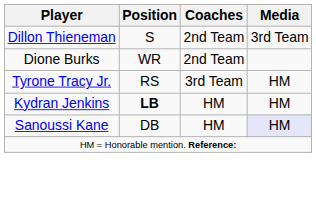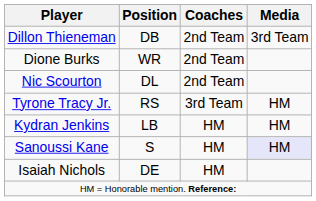 <table class="wikitable sortable" style="text-align: center">
 <tr>
 <th>Player</th>
 <th>Position</th>
 <th>Coaches</th>
 <th>Media</th>
 </tr>
 <tr>
 <td><a href='#'>Dillon Thieneman</a></td>
-<td>S</td>
+<td>DB</td>
 <td>2nd Team</td>
 <td>3rd Team</td>
 </tr>
 <tr>
 <td>Dione Burks</td>
 <td>WR</td>
+<td>2nd Team</td>
+<td></td>
+</tr>
+<tr>
+<td><a href='#'>Nic Scourton</a></td>
+<td>DL</td>
 <td>2nd Team</td>
 <td></td>
 </tr>
 <tr>
 <td><a href='#'>Tyrone Tracy Jr.</a></td>
 <td>RS</td>
 <td>3rd Team</td>
 <td>HM</td>
 </tr>
 <tr>
 <td><a href='#'>Kydran Jenkins</a></td>
-<td><strong>LB</strong></td>
+<td>LB</td>
 <td>HM</td>
 <td>HM</td>
 </tr>
 <tr>
 <td><a href='#'>Sanoussi Kane</a></td>
-<td>DB</td>
+<td>S</td>
 <td>HM</td>
 <td style="background: lavender;">HM</td>
+</tr>
+<tr>
+<td>Isaiah Nichols</td>
+<td>DE</td>
+<td>HM</td>
+<td></td>
 </tr>
 <tr class="sortbottom">
 <td colspan="4"  style="font-size:8pt; text-align:center;">HM = Honorable mention. <strong>Reference:</strong></td>
 </tr>
 </table>
